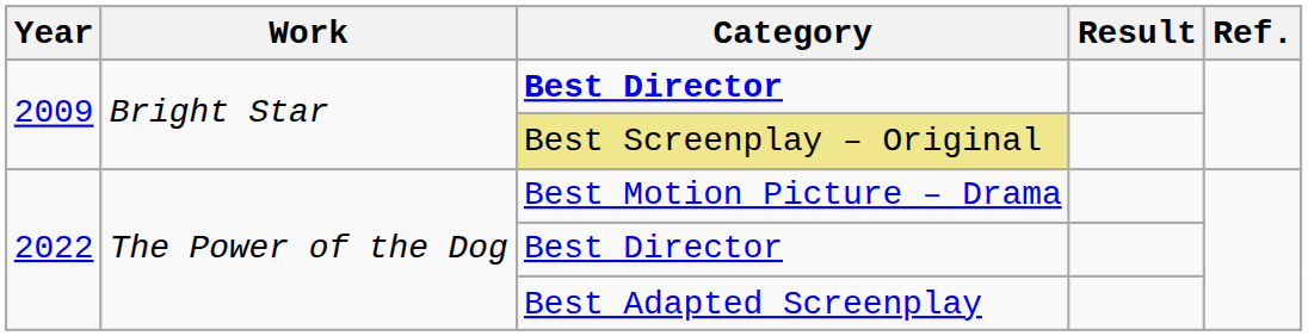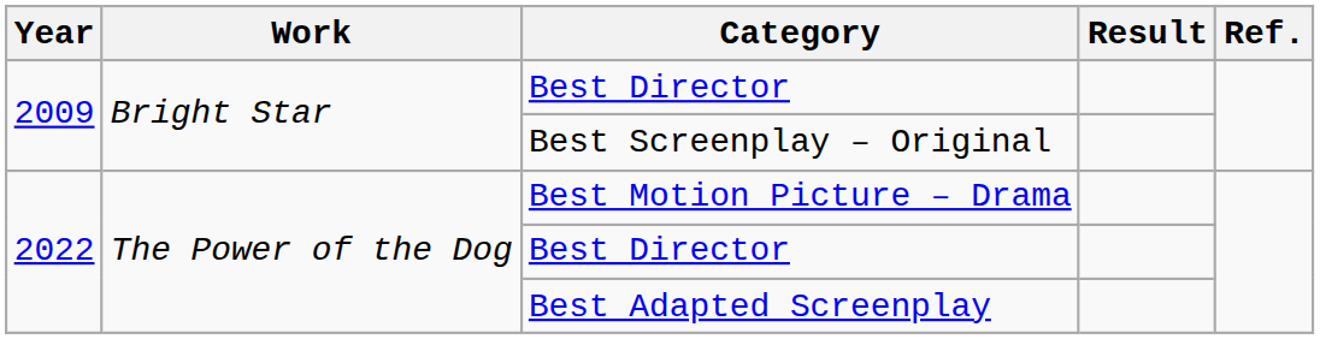 <table class="wikitable">
 <tr>
 <th>Year</th>
 <th>Work</th>
 <th>Category</th>
 <th>Result</th>
 <th>Ref.</th>
 </tr>
 <tr>
 <td rowspan="2"><a href='#'>2009</a></td>
 <td rowspan="2"><em>Bright Star</em></td>
-<td><strong><a href='#'>Best Director</a></strong></td>
+<td><a href='#'>Best Director</a></td>
 <td></td>
 <td rowspan="2"></td>
 </tr>
 <tr>
-<td style="background: khaki;">Best Screenplay – Original</td>
+<td>Best Screenplay – Original</td>
 <td></td>
 </tr>
 <tr>
 <td rowspan="3"><a href='#'>2022</a></td>
 <td rowspan="3"><em>The Power of the Dog</em></td>
 <td><a href='#'>Best Motion Picture – Drama</a></td>
 <td></td>
 <td rowspan="3"></td>
 </tr>
 <tr>
 <td><a href='#'>Best Director</a></td>
 <td></td>
 </tr>
 <tr>
 <td><a href='#'>Best Adapted Screenplay</a></td>
 <td></td>
 </tr>
 </table>
